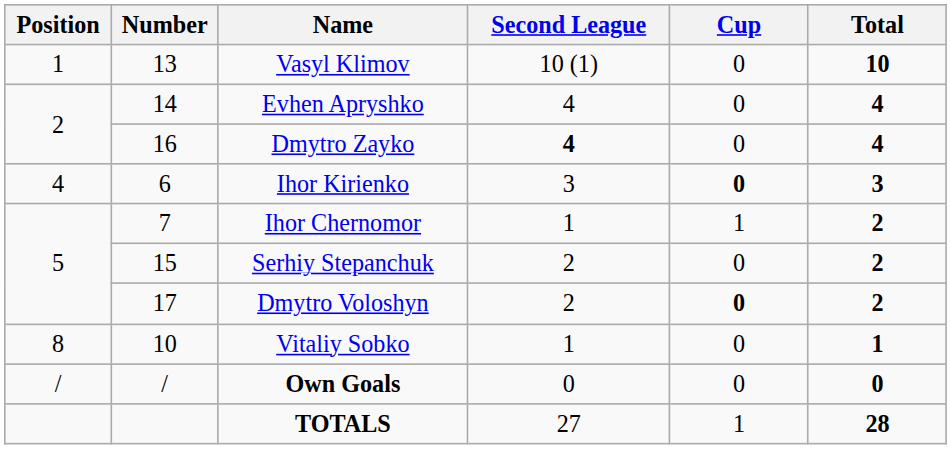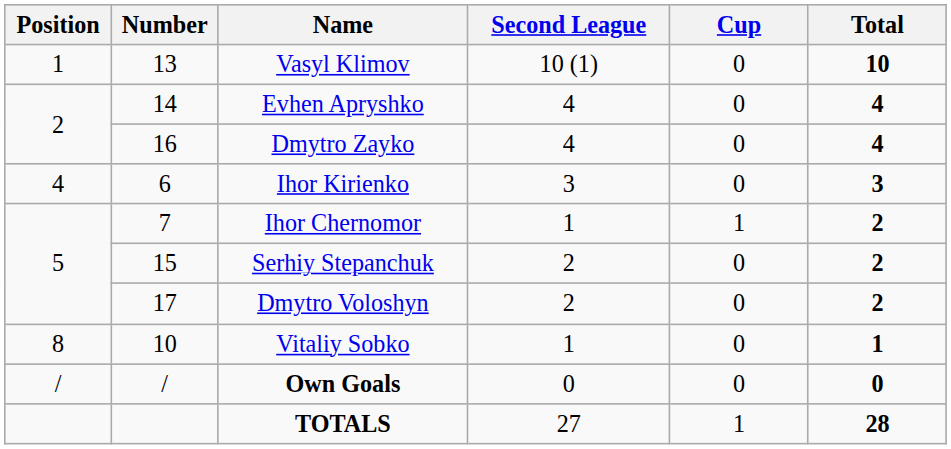 <table class="wikitable" style="font-size: 95%; text-align: center;">
 <tr>
 <th width=60>Position</th>
 <th width=60>Number</th>
 <th width=150>Name</th>
 <th width=120><a href='#'>Second League</a></th>
 <th width=80><a href='#'>Cup</a></th>
 <th width=80>Total</th>
 </tr>
 <tr>
 <td>1</td>
 <td>13</td>
 <td><a href='#'>Vasyl Klimov</a></td>
 <td>10 (1)</td>
 <td>0</td>
 <td><strong>10</strong></td>
 </tr>
 <tr>
 <td rowspan="2">2</td>
 <td>14</td>
 <td><a href='#'>Evhen Apryshko</a></td>
 <td>4</td>
 <td>0</td>
 <td><strong>4</strong></td>
 </tr>
 <tr>
 <td>16</td>
 <td><a href='#'>Dmytro Zayko</a></td>
-<td><strong>4</strong></td>
+<td>4</td>
 <td>0</td>
 <td><strong>4</strong></td>
 </tr>
 <tr>
 <td>4</td>
 <td>6</td>
 <td><a href='#'>Ihor Kirienko</a></td>
 <td>3</td>
-<td><strong>0</strong></td>
+<td>0</td>
 <td><strong>3</strong></td>
 </tr>
 <tr>
 <td rowspan="3">5</td>
 <td>7</td>
 <td><a href='#'>Ihor Chernomor</a></td>
 <td>1</td>
 <td>1</td>
 <td><strong>2</strong></td>
 </tr>
 <tr>
 <td>15</td>
 <td><a href='#'>Serhiy Stepanchuk</a></td>
 <td>2</td>
 <td>0</td>
 <td><strong>2</strong></td>
 </tr>
 <tr>
 <td>17</td>
 <td><a href='#'>Dmytro Voloshyn</a></td>
 <td>2</td>
-<td><strong>0</strong></td>
+<td>0</td>
 <td><strong>2</strong></td>
 </tr>
 <tr>
 <td>8</td>
 <td>10</td>
 <td><a href='#'>Vitaliy Sobko</a></td>
 <td>1</td>
 <td>0</td>
 <td><strong>1</strong></td>
 </tr>
 <tr>
 <td>/</td>
 <td>/</td>
 <td><strong>Own Goals</strong></td>
 <td>0</td>
 <td>0</td>
 <td><strong>0</strong></td>
 </tr>
 <tr>
 <td></td>
 <td></td>
 <td><strong>TOTALS</strong></td>
 <td>27</td>
 <td>1</td>
 <td><strong>28</strong></td>
 </tr>
 </table>
